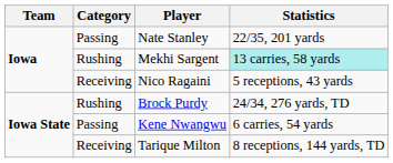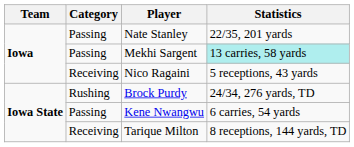 <table class="wikitable" style="float: left;">
 <tr>
 <th>Team</th>
 <th>Category</th>
 <th>Player</th>
 <th>Statistics</th>
 </tr>
 <tr>
 <td rowspan=3><strong>Iowa</strong></td>
 <td>Passing</td>
 <td>Nate Stanley</td>
 <td>22/35, 201 yards</td>
 </tr>
 <tr>
-<td>Rushing</td>
+<td>Passing</td>
 <td>Mekhi Sargent</td>
 <td style="background: paleturquoise;">13 carries, 58 yards</td>
 </tr>
 <tr>
 <td>Receiving</td>
 <td>Nico Ragaini</td>
 <td>5 receptions, 43 yards</td>
 </tr>
 <tr>
 <td rowspan=3><strong>Iowa State</strong></td>
 <td>Rushing</td>
 <td><a href='#'>Brock Purdy</a></td>
 <td>24/34, 276 yards, TD</td>
 </tr>
 <tr>
 <td>Passing</td>
 <td><a href='#'>Kene Nwangwu</a></td>
 <td>6 carries, 54 yards</td>
 </tr>
 <tr>
 <td>Receiving</td>
 <td>Tarique Milton</td>
 <td>8 receptions, 144 yards, TD</td>
 </tr>
 </table>
